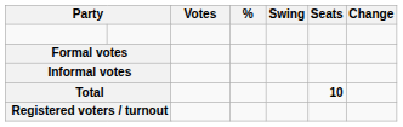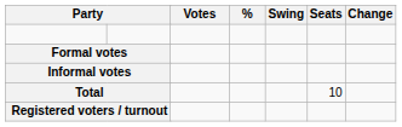 <table class="wikitable" style="text-align:right; margin-bottom:0">
 <tr>
 <th style="width:10px" colspan=3>Party</th>
 <th style="width:70px;">Votes</th>
 <th style="width:40px;">%</th>
 <th style="width:40px;">Swing</th>
 <th style="width:40px;">Seats</th>
 <th style="width:40px;">Change</th>
 </tr>
 <tr>
 <td> </td>
 <td style="text-align:left;" colspan="2"></td>
 <td></td>
 <td></td>
 <td></td>
 <td></td>
 <td></td>
 </tr>
 <tr>
 <th colspan="3" rowspan="1"> Formal votes</th>
 <td></td>
 <td></td>
 <td></td>
 <td></td>
 <td></td>
 </tr>
 <tr>
 <th colspan="3" rowspan="1"> Informal votes</th>
 <td></td>
 <td></td>
 <td></td>
 <td></td>
 <td></td>
 </tr>
 <tr>
 <th colspan="3" rowspan="1"> <strong>Total </strong></th>
 <td></td>
 <td></td>
 <td></td>
-<td><strong>10</strong></td>
+<td>10</td>
 <td></td>
 </tr>
 <tr>
 <th colspan="3" rowspan="1"> Registered voters / turnout</th>
 <td></td>
 <td></td>
 <td></td>
 <td></td>
 <td></td>
 </tr>
 </table>
